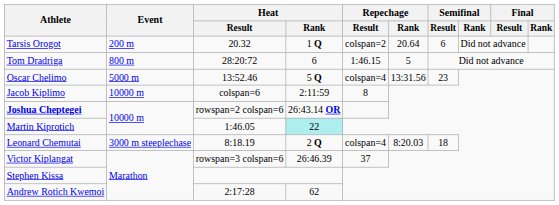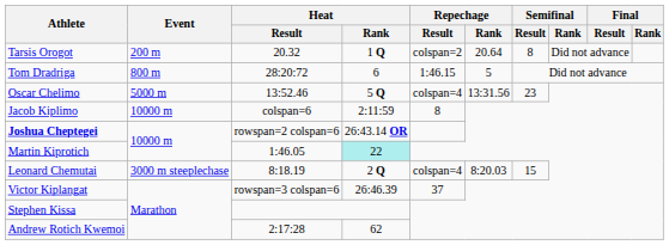 <table class="wikitable" style="font-size:90.0%">
 <tr>
 <th rowspan="2">Athlete</th>
 <th rowspan="2">Event</th>
 <th colspan="2">Heat</th>
 <th colspan="2">Repechage</th>
 <th colspan="2">Semifinal</th>
 <th colspan="2">Final</th>
 </tr>
 <tr style="font-size:95%">
 <th>Result</th>
 <th>Rank</th>
 <th>Result</th>
 <th>Rank</th>
 <th>Result</th>
 <th>Rank</th>
 <th>Result</th>
 <th>Rank</th>
 </tr>
 <tr align=center>
 <td align=left><a href='#'>Tarsis Orogot</a></td>
 <td align=left><a href='#'>200 m</a></td>
 <td>20.32</td>
 <td>1 <strong>Q</strong></td>
 <td>colspan=2 </td>
 <td>20.64</td>
-<td>6</td>
+<td>8</td>
 <td colspan=2>Did not advance</td>
 </tr>
 <tr align=center>
 <td align=left><a href='#'>Tom Dradriga</a></td>
 <td align=left><a href='#'>800 m</a></td>
 <td>28:20:72</td>
 <td>6</td>
 <td>1:46.15</td>
 <td>5</td>
 <td colspan="4">Did not advance</td>
 </tr>
 <tr align=center>
 <td align=left><a href='#'>Oscar Chelimo</a></td>
 <td align=left><a href='#'>5000 m</a></td>
 <td>13:52.46</td>
 <td>5 <strong>Q</strong></td>
 <td>colspan=4 </td>
 <td>13:31.56</td>
 <td>23</td>
 </tr>
 <tr align=center>
 <td align=left><a href='#'>Jacob Kiplimo</a></td>
 <td align=left><a href='#'>10000 m</a></td>
 <td>colspan=6 </td>
 <td>2:11:59</td>
 <td>8</td>
 </tr>
 <tr align=center>
 <td align=left><strong><a href='#'>Joshua Cheptegei</a></strong></td>
 <td align=left rowspan=2><a href='#'>10000 m</a></td>
 <td>rowspan=2 colspan=6 </td>
 <td>26:43.14 <strong><a href='#'>OR</a></strong></td>
 <td></td>
 </tr>
 <tr align=center>
 <td align=left><a href='#'>Martin Kiprotich</a></td>
 <td>1:46.05</td>
 <td style="background: paleturquoise;">22</td>
 </tr>
 <tr align=center>
 <td align=left><a href='#'>Leonard Chemutai</a></td>
 <td align=left><a href='#'>3000 m steeplechase</a></td>
 <td>8:18.19 <strong></strong></td>
 <td>2 <strong>Q</strong></td>
 <td>colspan=4 </td>
 <td>8:20.03</td>
-<td>18</td>
+<td>15</td>
 </tr>
 <tr align=center>
 <td align=left><a href='#'>Victor Kiplangat</a></td>
 <td align=left rowspan=3><a href='#'>Marathon</a></td>
 <td>rowspan=3 colspan=6 </td>
 <td>26:46.39</td>
 <td>37</td>
 </tr>
 <tr align=center>
 <td align=left><a href='#'>Stephen Kissa</a></td>
 <td colspan=2></td>
 </tr>
 <tr align=center>
 <td align=left><a href='#'>Andrew Rotich Kwemoi</a></td>
 <td>2:17:28</td>
 <td>62</td>
 </tr>
 </table>
